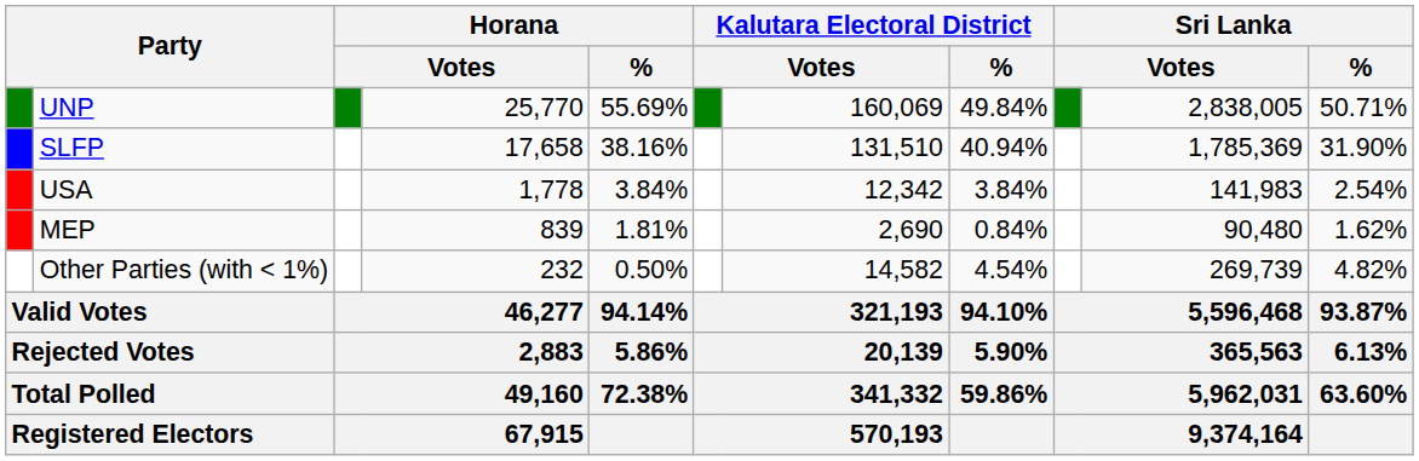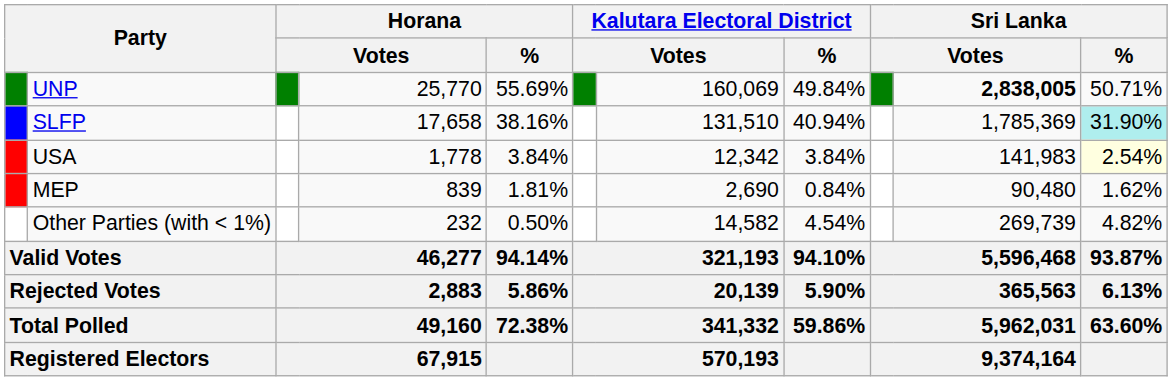 <table class="wikitable">
 <tr>
 <th colspan="2" width="144px"rowspan="2">Party</th>
 <th colspan="3" width="216px">Horana</th>
 <th colspan="3" width="216px"><a href='#'>Kalutara Electoral District</a></th>
 <th colspan="3" width="216px">Sri Lanka</th>
 </tr>
 <tr>
 <th colspan="2" width="144px">Votes</th>
 <th>%</th>
 <th colspan="2" width="144px">Votes</th>
 <th>%</th>
 <th colspan="2" width="144px">Votes</th>
 <th>%</th>
 </tr>
 <tr>
 <td style="background-color:green;" width="10px"></td>
 <td style="text-align:left;"><a href='#'>UNP</a></td>
 <td style="background-color:green;" width="10px"></td>
 <td style="text-align:right;">25,770</td>
 <td style="text-align:right;">55.69%</td>
 <td style="background-color:green;" width="10px"></td>
 <td style="text-align:right;">160,069</td>
 <td style="text-align:right;">49.84%</td>
 <td style="background-color:green;" width="10px"></td>
-<td style="text-align:right;">2,838,005</td>
+<td style="text-align:right;"><strong>2,838,005</strong></td>
 <td style="text-align:right;">50.71%</td>
 </tr>
 <tr>
 <td style="background-color:blue;" width="10px"></td>
 <td style="text-align:left;"><a href='#'>SLFP</a></td>
 <td style="background-color:white;" width="10px"></td>
 <td style="text-align:right;">17,658</td>
 <td style="text-align:right;">38.16%</td>
 <td style="background-color:white;" width="10px"></td>
 <td style="text-align:right;">131,510</td>
 <td style="text-align:right;">40.94%</td>
 <td style="background-color:white;" width="10px"></td>
 <td style="text-align:right;">1,785,369</td>
-<td style="text-align:right;">31.90%</td>
+<td style="background: paleturquoise; text-align:right;">31.90%</td>
 </tr>
 <tr>
 <td style="background-color:red;" width="10px"></td>
 <td style="text-align:left;">USA</td>
 <td style="background-color:white;" width="10px"></td>
 <td style="text-align:right;">1,778</td>
 <td style="text-align:right;">3.84%</td>
 <td style="background-color:white;" width="10px"></td>
 <td style="text-align:right;">12,342</td>
 <td style="text-align:right;">3.84%</td>
 <td style="background-color:white;" width="10px"></td>
 <td style="text-align:right;">141,983</td>
-<td style="text-align:right;">2.54%</td>
+<td style="background: lightyellow; text-align:right;">2.54%</td>
 </tr>
 <tr>
 <td style="background-color:red;" width="10px"></td>
 <td style="text-align:left;">MEP</td>
 <td style="background-color:white;" width="10px"></td>
 <td style="text-align:right;">839</td>
 <td style="text-align:right;">1.81%</td>
 <td style="background-color:white;" width="10px"></td>
 <td style="text-align:right;">2,690</td>
 <td style="text-align:right;">0.84%</td>
 <td style="background-color:white;" width="10px"></td>
 <td style="text-align:right;">90,480</td>
 <td style="text-align:right;">1.62%</td>
 </tr>
 <tr>
 <td style="background-color:white;" width="10px"></td>
 <td style="text-align:left;">Other Parties (with < 1%)</td>
 <td style="background-color:white;" width="10px"></td>
 <td style="text-align:right;">232</td>
 <td style="text-align:right;">0.50%</td>
 <td style="background-color:white;" width="10px"></td>
 <td style="text-align:right;">14,582</td>
 <td style="text-align:right;">4.54%</td>
 <td style="background-color:white;" width="10px"></td>
 <td style="text-align:right;">269,739</td>
 <td style="text-align:right;">4.82%</td>
 </tr>
 <tr>
 <th colspan="2" width="144px"style="text-align:left;">Valid Votes</th>
 <th style="text-align:right;"colspan="2" width="144px">46,277</th>
 <th style="text-align:right;">94.14%</th>
 <th style="text-align:right;"colspan="2" width="144px">321,193</th>
 <th style="text-align:right;">94.10%</th>
 <th style="text-align:right;"colspan="2" width="144px">5,596,468</th>
 <th style="text-align:right;">93.87%</th>
 </tr>
 <tr>
 <th colspan="2" width="144px"style="text-align:left;">Rejected Votes</th>
 <th style="text-align:right;"colspan="2" width="144px">2,883</th>
 <th style="text-align:right;">5.86%</th>
 <th style="text-align:right;"colspan="2" width="144px">20,139</th>
 <th style="text-align:right;">5.90%</th>
 <th style="text-align:right;"colspan="2" width="144px">365,563</th>
 <th style="text-align:right;">6.13%</th>
 </tr>
 <tr>
 <th colspan="2" width="144px"style="text-align:left;">Total Polled</th>
 <th style="text-align:right;"colspan="2" width="144px">49,160</th>
 <th style="text-align:right;">72.38%</th>
 <th style="text-align:right;"colspan="2" width="144px">341,332</th>
 <th style="text-align:right;">59.86%</th>
 <th style="text-align:right;"colspan="2" width="144px">5,962,031</th>
 <th style="text-align:right;">63.60%</th>
 </tr>
 <tr>
 <th colspan="2" width="144px"style="text-align:left;">Registered Electors</th>
 <th style="text-align:right;"colspan="2" width="144px">67,915</th>
 <th></th>
 <th style="text-align:right;"colspan="2" width="144px">570,193</th>
 <th></th>
 <th style="text-align:right;"colspan="2" width="144px">9,374,164</th>
 <th></th>
 </tr>
 </table>
